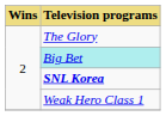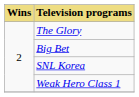 <table class="wikitable">
 <tr>
 <th style="background:#EEDD82; text-align:center">Wins</th>
 <th style="background:#EEDD82; text-align:center">Television programs</th>
 </tr>
 <tr>
 <td rowspan="4" style="text-align:center">2</td>
 <td><em><a href='#'>The Glory</a></em></td>
 </tr>
 <tr>
-<td style="background: paleturquoise;"><em><a href='#'>Big Bet</a></em></td>
+<td><em><a href='#'>Big Bet</a></em></td>
 </tr>
 <tr>
-<td><strong><em><a href='#'>SNL Korea</a></em></strong></td>
+<td><em><a href='#'>SNL Korea</a></em></td>
 </tr>
 <tr>
 <td><em><a href='#'>Weak Hero Class 1</a></em></td>
 </tr>
 <tr>
 </tr>
 </table>
